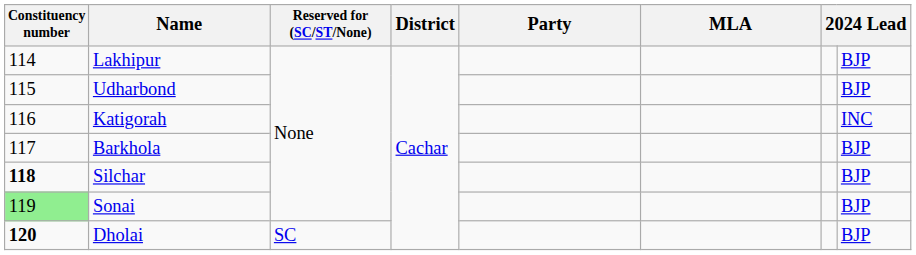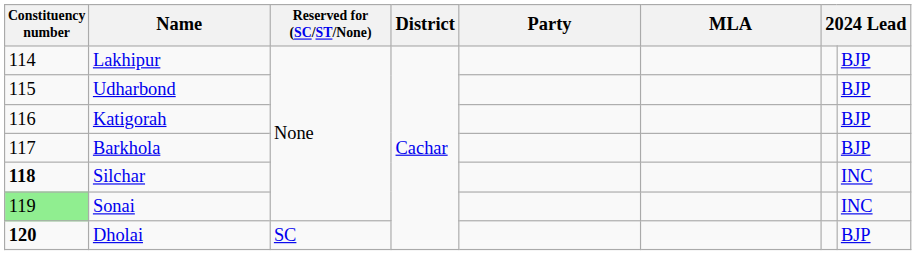 <table class="wikitable sortable">
 <tr>
 <th width="50px" style="font-size:75%">Constituency number</th>
 <th width="150px">Name</th>
 <th width="100px" style="font-size:75%">Reserved for (<a href='#'>SC</a>/<a href='#'>ST</a>/None)</th>
 <th>District</th>
 <th width="150px">Party</th>
 <th width="150px">MLA</th>
 <th colspan="2">2024 Lead</th>
 </tr>
 <tr>
 <td>114</td>
 <td><a href='#'>Lakhipur</a></td>
 <td Rowspan=6>None</td>
 <td Rowspan=7><a href='#'>Cachar</a></td>
 <td></td>
 <td></td>
 <td style="background-color: "></td>
 <td><a href='#'>BJP</a></td>
 </tr>
 <tr>
 <td>115</td>
 <td><a href='#'>Udharbond</a></td>
 <td></td>
 <td></td>
 <td style="background-color: "></td>
 <td><a href='#'>BJP</a></td>
 </tr>
 <tr>
 <td>116</td>
 <td><a href='#'>Katigorah</a></td>
 <td></td>
 <td></td>
 <td style="background-color: "></td>
-<td><a href='#'>INC</a></td>
+<td><a href='#'>BJP</a></td>
 </tr>
 <tr>
 <td>117</td>
 <td><a href='#'>Barkhola</a></td>
 <td></td>
 <td></td>
 <td style="background-color: "></td>
 <td><a href='#'>BJP</a></td>
 </tr>
 <tr>
 <td><strong>118</strong></td>
 <td><a href='#'>Silchar</a></td>
 <td></td>
 <td></td>
 <td style="background-color: "></td>
-<td><a href='#'>BJP</a></td>
+<td><a href='#'>INC</a></td>
 </tr>
 <tr>
 <td style="background: lightgreen;">119</td>
 <td><a href='#'>Sonai</a></td>
 <td></td>
 <td></td>
 <td style="background-color: "></td>
-<td><a href='#'>BJP</a></td>
+<td><a href='#'>INC</a></td>
 </tr>
 <tr>
 <td><strong>120</strong></td>
 <td><a href='#'>Dholai</a></td>
 <td><a href='#'>SC</a></td>
 <td></td>
 <td></td>
 <td style="background-color: "></td>
 <td><a href='#'>BJP</a></td>
 </tr>
 </table>
